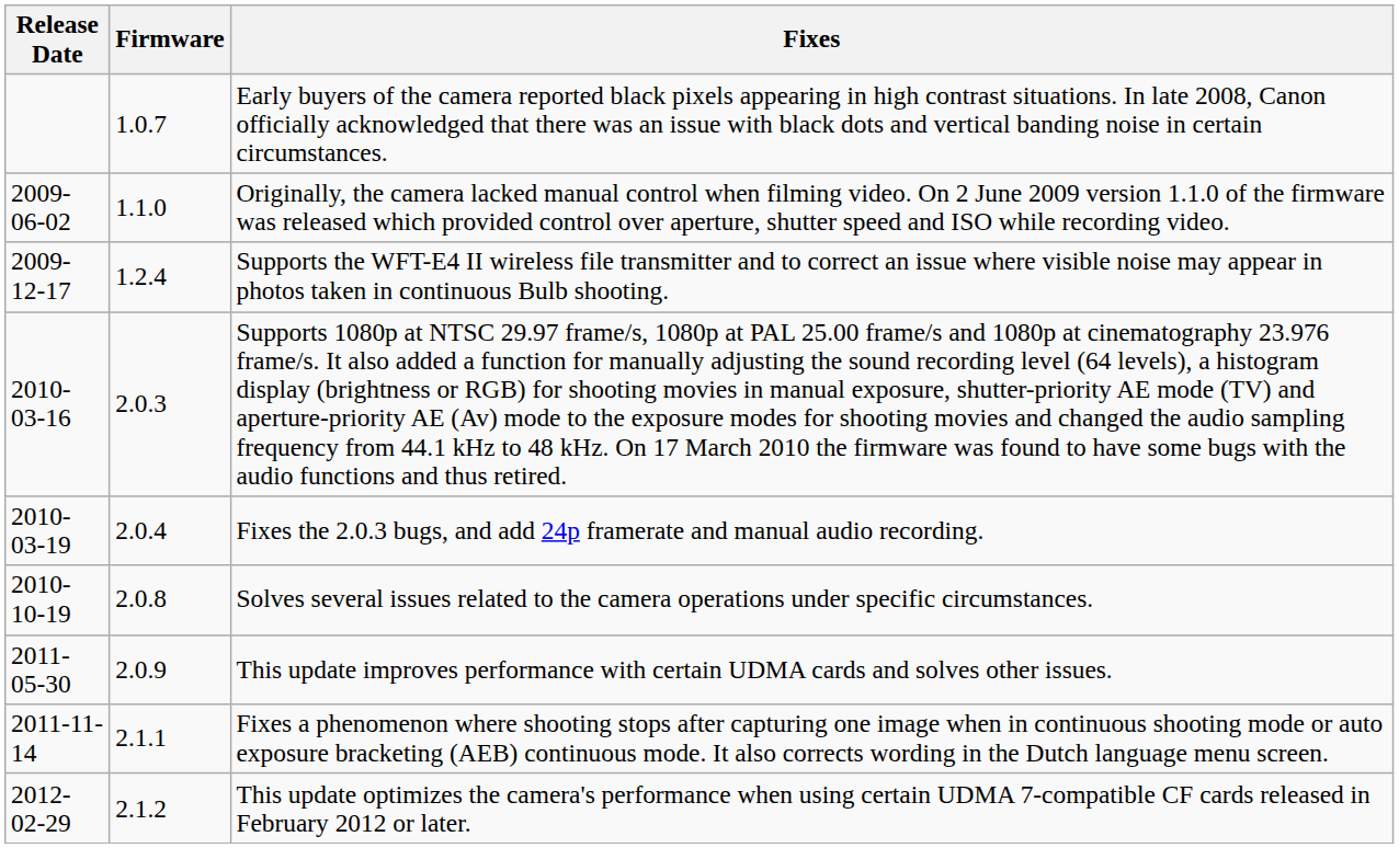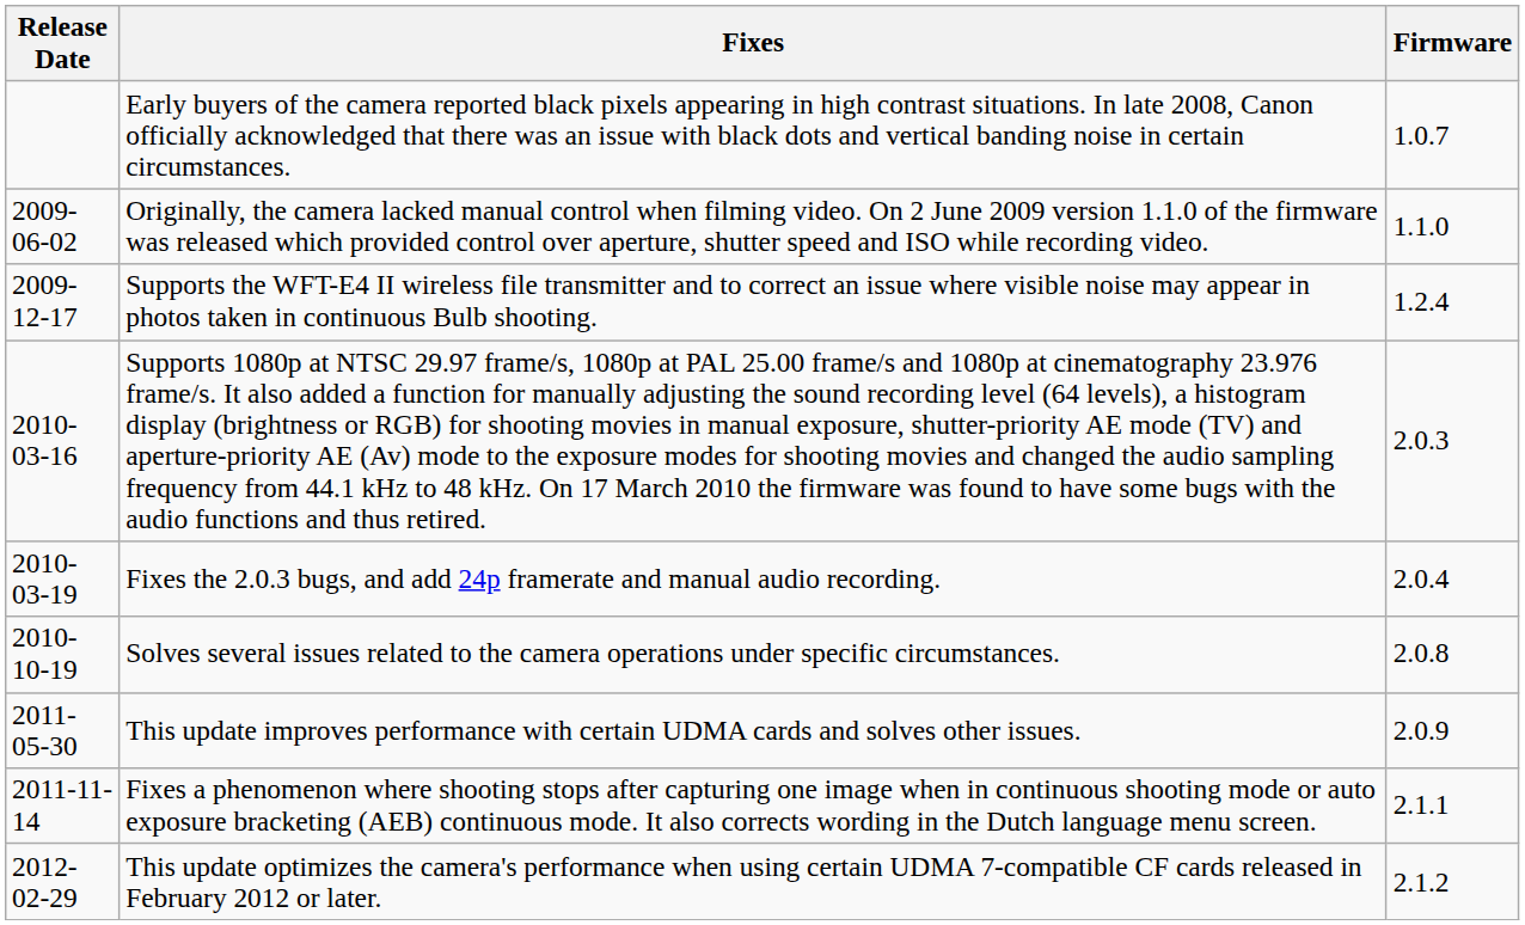 <table class="wikitable">
 <tr>
 <th>Release Date</th>
+<th>Fixes</th>
 <th>Firmware</th>
-<th>Fixes</th>
 </tr>
 <tr>
 <td></td>
+<td>Early buyers of the camera reported black pixels appearing in high contrast situations. In late 2008, Canon officially acknowledged that there was an issue with black dots and vertical banding noise in certain circumstances.</td>
 <td>1.0.7</td>
-<td>Early buyers of the camera reported black pixels appearing in high contrast situations. In late 2008, Canon officially acknowledged that there was an issue with black dots and vertical banding noise in certain circumstances.</td>
 </tr>
 <tr>
 <td>2009-06-02</td>
+<td>Originally, the camera lacked manual control when filming video. On 2 June 2009 version 1.1.0 of the firmware was released which provided control over aperture, shutter speed and ISO while recording video.</td>
 <td>1.1.0</td>
-<td>Originally, the camera lacked manual control when filming video. On 2 June 2009 version 1.1.0 of the firmware was released which provided control over aperture, shutter speed and ISO while recording video.</td>
 </tr>
 <tr>
 <td>2009-12-17</td>
+<td>Supports the WFT-E4 II wireless file transmitter and to correct an issue where visible noise may appear in photos taken in continuous Bulb shooting.</td>
 <td>1.2.4</td>
-<td>Supports the WFT-E4 II wireless file transmitter and to correct an issue where visible noise may appear in photos taken in continuous Bulb shooting.</td>
 </tr>
 <tr>
 <td>2010-03-16</td>
+<td>Supports 1080p at NTSC 29.97 frame/s, 1080p at PAL 25.00 frame/s and 1080p at cinematography 23.976 frame/s. It also added a function for manually adjusting the sound recording level (64 levels), a histogram display (brightness or RGB) for shooting movies in manual exposure, shutter-priority AE mode (TV) and aperture-priority AE (Av) mode to the exposure modes for shooting movies and changed the audio sampling frequency from 44.1 kHz to 48 kHz. On 17 March 2010 the firmware was found to have some bugs with the audio functions and thus retired.</td>
 <td>2.0.3</td>
-<td>Supports 1080p at NTSC 29.97 frame/s, 1080p at PAL 25.00 frame/s and 1080p at cinematography 23.976 frame/s. It also added a function for manually adjusting the sound recording level (64 levels), a histogram display (brightness or RGB) for shooting movies in manual exposure, shutter-priority AE mode (TV) and aperture-priority AE (Av) mode to the exposure modes for shooting movies and changed the audio sampling frequency from 44.1 kHz to 48 kHz. On 17 March 2010 the firmware was found to have some bugs with the audio functions and thus retired.</td>
 </tr>
 <tr>
 <td>2010-03-19</td>
+<td>Fixes the 2.0.3 bugs, and add <a href='#'>24p</a> framerate and manual audio recording.</td>
 <td>2.0.4</td>
-<td>Fixes the 2.0.3 bugs, and add <a href='#'>24p</a> framerate and manual audio recording.</td>
 </tr>
 <tr>
 <td>2010-10-19</td>
+<td>Solves several issues related to the camera operations under specific circumstances.</td>
 <td>2.0.8</td>
-<td>Solves several issues related to the camera operations under specific circumstances.</td>
 </tr>
 <tr>
 <td>2011-05-30</td>
+<td>This update improves performance with certain UDMA cards and solves other issues.</td>
 <td>2.0.9</td>
-<td>This update improves performance with certain UDMA cards and solves other issues.</td>
 </tr>
 <tr>
 <td>2011-11-14</td>
+<td>Fixes a phenomenon where shooting stops after capturing one image when in continuous shooting mode or auto exposure bracketing (AEB) continuous mode. It also corrects wording in the Dutch language menu screen.</td>
 <td>2.1.1</td>
-<td>Fixes a phenomenon where shooting stops after capturing one image when in continuous shooting mode or auto exposure bracketing (AEB) continuous mode. It also corrects wording in the Dutch language menu screen.</td>
 </tr>
 <tr>
 <td>2012-02-29</td>
+<td>This update optimizes the camera's performance when using certain UDMA 7-compatible CF cards released in February 2012 or later.</td>
 <td>2.1.2</td>
-<td>This update optimizes the camera's performance when using certain UDMA 7-compatible CF cards released in February 2012 or later.</td>
 </tr>
 </table>
